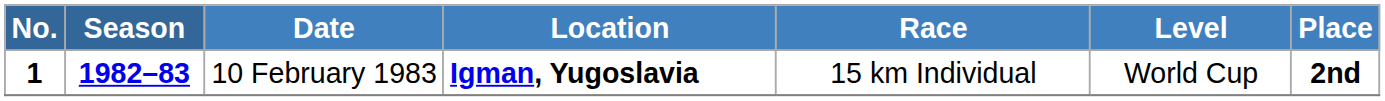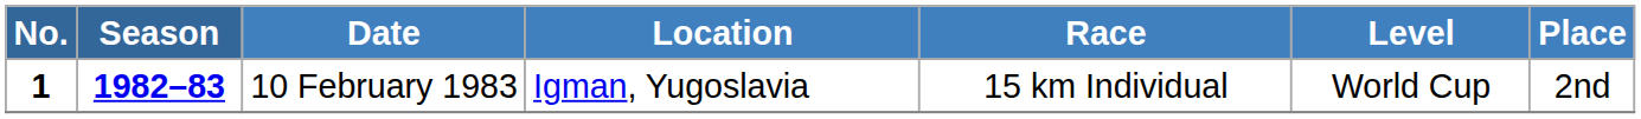 <table class="wikitable sortable" style="font-size:95%; text-align:center; border:grey solid 1px; border-collapse:collapse; background:#ffffff;">
 <tr style="background:#efefef;">
 <th style="background-color:#369; color:white;">No.</th>
 <th style="background-color:#369; color:white;">Season</th>
 <th style="background-color:#4180be; color:white; width:120px;">Date</th>
 <th style="background-color:#4180be; color:white; width:170px;">Location</th>
 <th style="background-color:#4180be; color:white; width:160px;">Race</th>
 <th style="background-color:#4180be; color:white; width:100px;">Level</th>
 <th style="background-color:#4180be; color:white;">Place</th>
 </tr>
 <tr>
 <td align=center><strong>1</strong></td>
 <td rowspan=1 align=center><strong> <a href='#'>1982–83</a> </strong></td>
 <td align=right>10 February 1983</td>
-<td align=left><strong> <a href='#'>Igman</a>, Yugoslavia</strong></td>
+<td align=left> <a href='#'>Igman</a>, Yugoslavia</td>
 <td>15 km Individual</td>
 <td>World Cup</td>
-<td><strong>2nd</strong></td>
+<td>2nd</td>
 </tr>
 <tr>
 </tr>
 </table>
